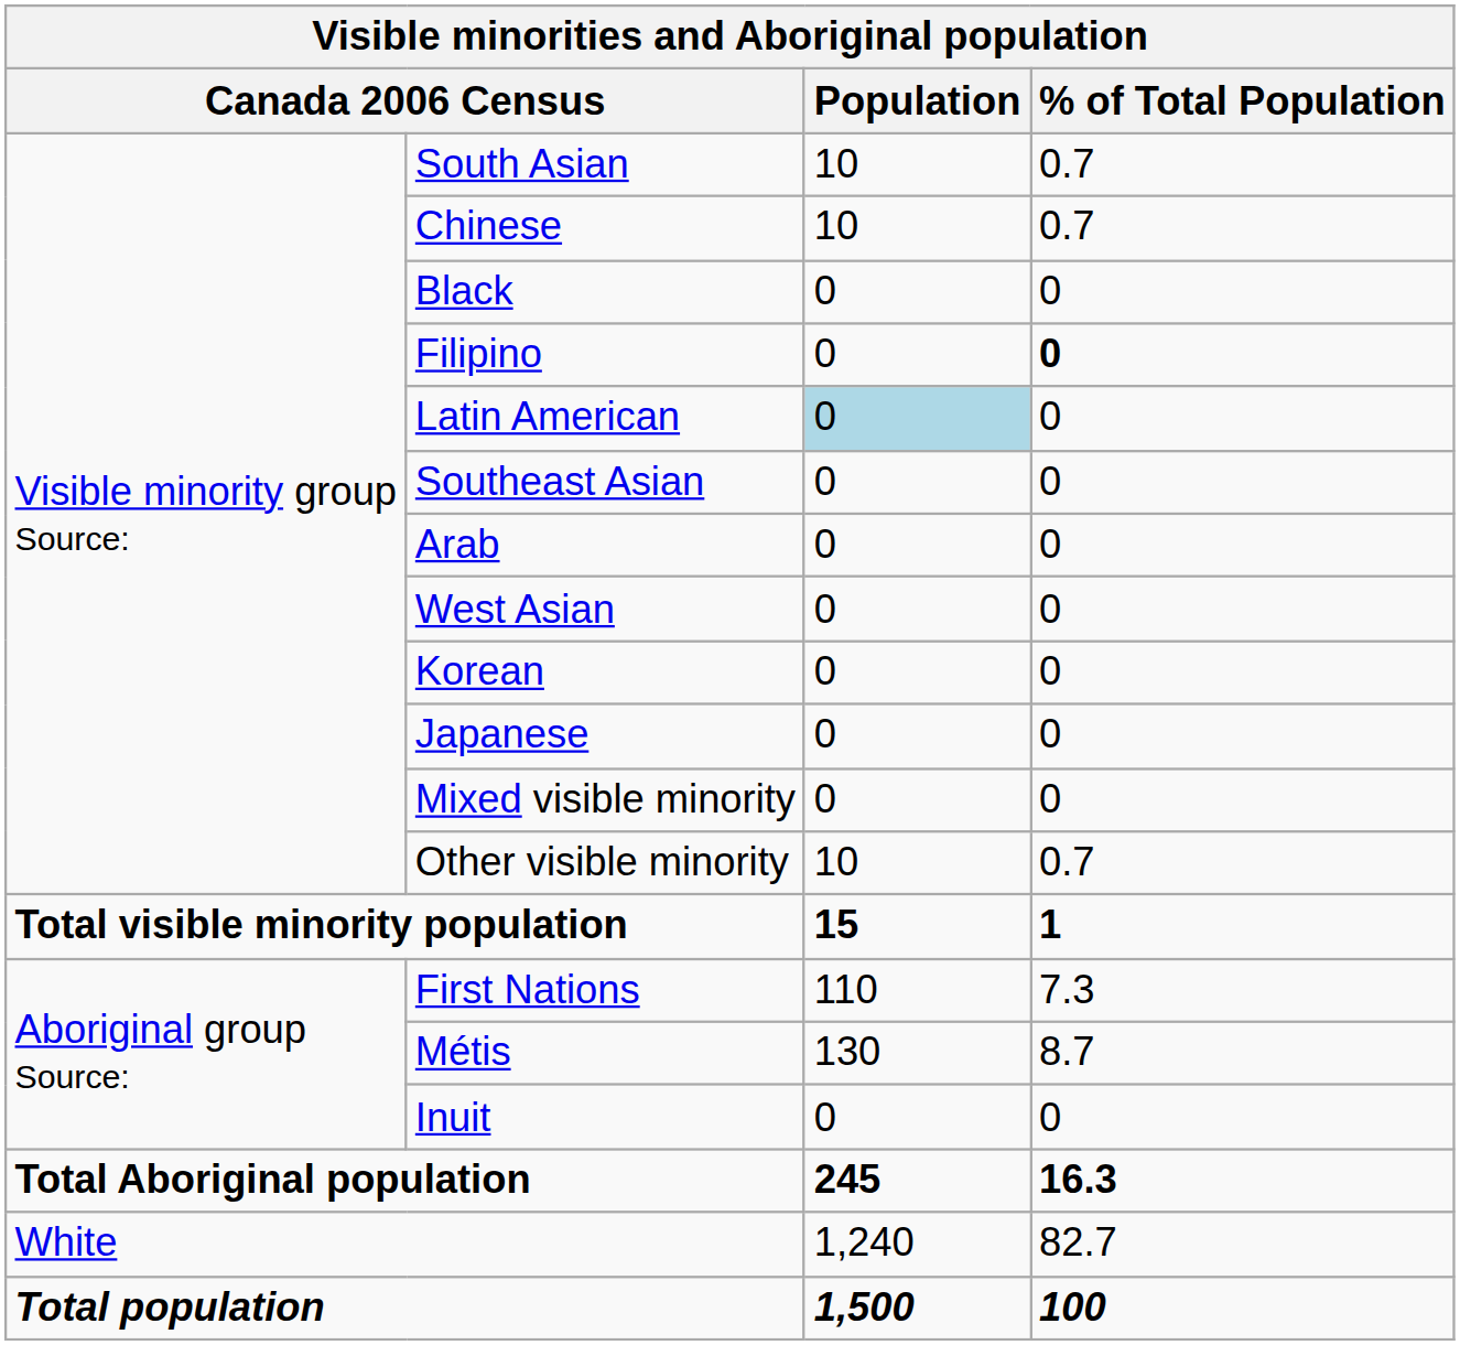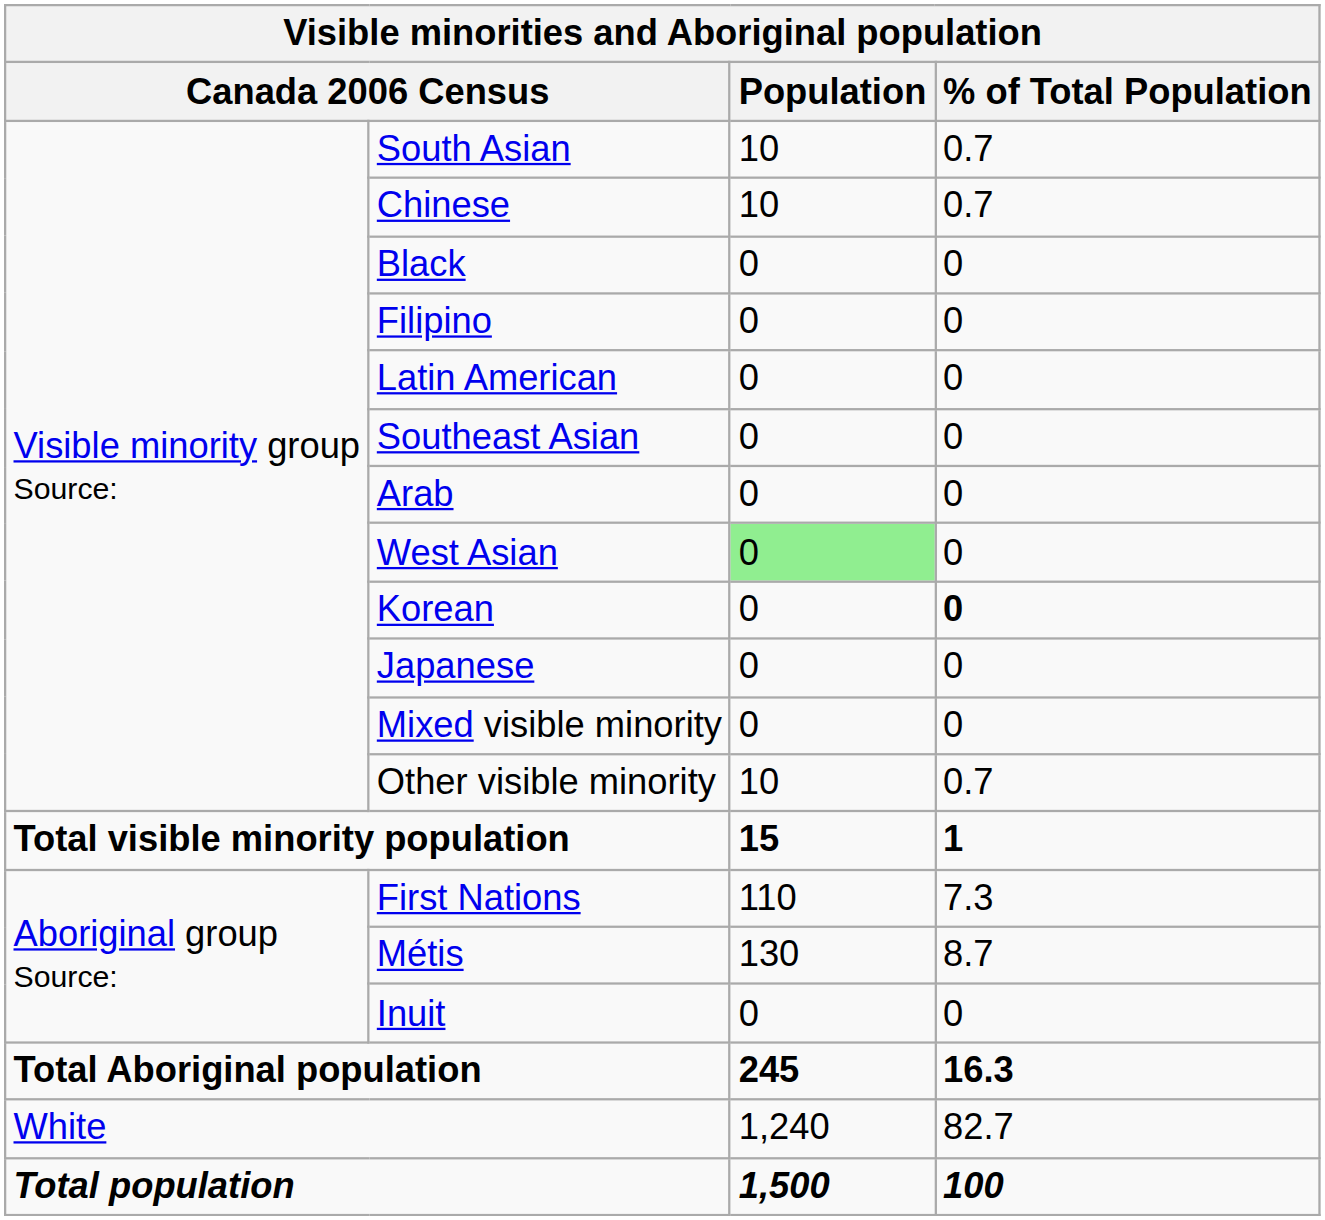 <table class="wikitable">
 <tr>
 <th colspan=4>Visible minorities and Aboriginal population</th>
 </tr>
 <tr>
 <th colspan="2">Canada 2006 Census</th>
 <th>Population</th>
 <th>% of Total Population</th>
 </tr>
 <tr>
 <td rowspan="12"><a href='#'>Visible minority</a> group<br><small>Source:</small></td>
 <td><a href='#'>South Asian</a></td>
 <td>10</td>
 <td>0.7</td>
 </tr>
 <tr>
 <td><a href='#'>Chinese</a></td>
 <td>10</td>
 <td>0.7</td>
 </tr>
 <tr>
 <td><a href='#'>Black</a></td>
 <td>0</td>
 <td>0</td>
 </tr>
 <tr>
 <td><a href='#'>Filipino</a></td>
 <td>0</td>
-<td><strong>0</strong></td>
+<td>0</td>
 </tr>
 <tr>
 <td><a href='#'>Latin American</a></td>
-<td style="background: lightblue;">0</td>
+<td>0</td>
 <td>0</td>
 </tr>
 <tr>
 <td><a href='#'>Southeast Asian</a></td>
 <td>0</td>
 <td>0</td>
 </tr>
 <tr>
 <td><a href='#'>Arab</a></td>
 <td>0</td>
 <td>0</td>
 </tr>
 <tr>
 <td><a href='#'>West Asian</a></td>
-<td>0</td>
+<td style="background: lightgreen;">0</td>
 <td>0</td>
 </tr>
 <tr>
 <td><a href='#'>Korean</a></td>
 <td>0</td>
-<td>0</td>
+<td><strong>0</strong></td>
 </tr>
 <tr>
 <td><a href='#'>Japanese</a></td>
 <td>0</td>
 <td>0</td>
 </tr>
 <tr>
 <td><a href='#'>Mixed</a> visible minority</td>
 <td>0</td>
 <td>0</td>
 </tr>
 <tr>
 <td>Other visible minority</td>
 <td>10</td>
 <td>0.7</td>
 </tr>
 <tr>
 <td colspan="2"><strong>Total visible minority population</strong></td>
 <td><strong>15</strong></td>
 <td><strong>1</strong></td>
 </tr>
 <tr>
 <td rowspan="3"><a href='#'>Aboriginal</a> group<br><small>Source:</small></td>
 <td><a href='#'>First Nations</a></td>
 <td>110</td>
 <td>7.3</td>
 </tr>
 <tr>
 <td><a href='#'>Métis</a></td>
 <td>130</td>
 <td>8.7</td>
 </tr>
 <tr>
 <td><a href='#'>Inuit</a></td>
 <td>0</td>
 <td>0</td>
 </tr>
 <tr>
 <td colspan="2"><strong>Total Aboriginal population</strong></td>
 <td><strong>245</strong></td>
 <td><strong>16.3</strong></td>
 </tr>
 <tr>
 <td colspan="2"><a href='#'>White</a></td>
 <td>1,240</td>
 <td>82.7</td>
 </tr>
 <tr>
 <td colspan="2"><strong><em>Total population</em></strong></td>
 <td><strong><em>1,500</em></strong></td>
 <td><strong><em>100</em></strong></td>
 </tr>
 </table>
